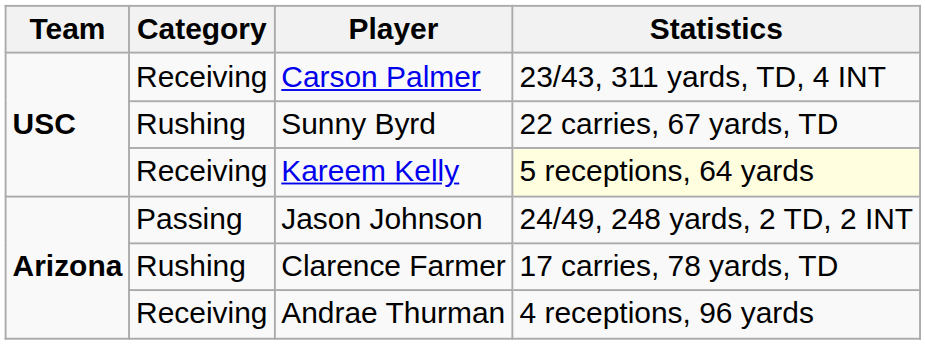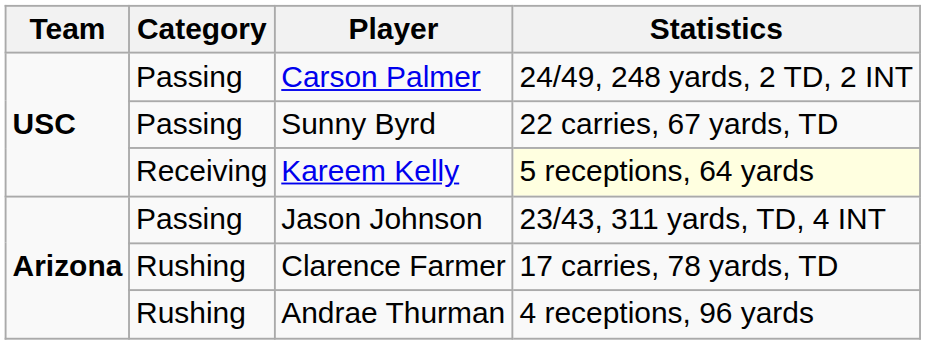 <table class="wikitable" style="float: right;">
 <tr>
 <th>Team</th>
 <th>Category</th>
 <th>Player</th>
 <th>Statistics</th>
 </tr>
 <tr>
 <td rowspan=3><strong>USC</strong></td>
-<td>Receiving</td>
+<td>Passing</td>
 <td><a href='#'>Carson Palmer</a></td>
-<td>23/43, 311 yards, TD, 4 INT</td>
+<td>24/49, 248 yards, 2 TD, 2 INT</td>
 </tr>
 <tr>
-<td>Rushing</td>
+<td>Passing</td>
 <td>Sunny Byrd</td>
 <td>22 carries, 67 yards, TD</td>
 </tr>
 <tr>
 <td>Receiving</td>
 <td><a href='#'>Kareem Kelly</a></td>
 <td style="background: lightyellow;">5 receptions, 64 yards</td>
 </tr>
 <tr>
 <td rowspan=3><strong>Arizona</strong></td>
 <td>Passing</td>
 <td>Jason Johnson</td>
-<td>24/49, 248 yards, 2 TD, 2 INT</td>
+<td>23/43, 311 yards, TD, 4 INT</td>
 </tr>
 <tr>
 <td>Rushing</td>
 <td>Clarence Farmer</td>
 <td>17 carries, 78 yards, TD</td>
 </tr>
 <tr>
-<td>Receiving</td>
+<td>Rushing</td>
 <td>Andrae Thurman</td>
 <td>4 receptions, 96 yards</td>
 </tr>
 </table>
